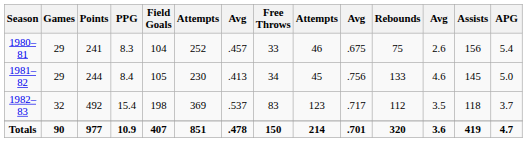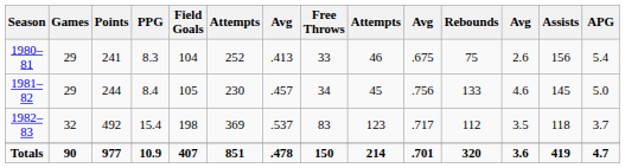 <table class="wikitable sortable" style="text-align:center">
 <tr>
 <th width=40px>Season</th>
 <th width=40px>Games</th>
 <th width=40px>Points</th>
 <th width=40px>PPG</th>
 <th width=40px>Field Goals</th>
 <th width=40px>Attempts</th>
 <th width=40px>Avg</th>
 <th width=40px>Free Throws</th>
 <th width=40px>Attempts</th>
 <th width=40px>Avg</th>
 <th width=40px>Rebounds</th>
 <th width=40px>Avg</th>
 <th width=40px>Assists</th>
 <th width=40px>APG</th>
 </tr>
 <tr>
 <td><a href='#'>1980–81</a></td>
 <td>29</td>
 <td>241</td>
 <td>8.3</td>
 <td>104</td>
 <td>252</td>
-<td>.457</td>
+<td>.413</td>
 <td>33</td>
 <td>46</td>
 <td>.675</td>
 <td>75</td>
 <td>2.6</td>
 <td>156</td>
 <td>5.4</td>
 </tr>
 <tr>
 <td><a href='#'>1981–82</a></td>
 <td>29</td>
 <td>244</td>
 <td>8.4</td>
 <td>105</td>
 <td>230</td>
-<td>.413</td>
+<td>.457</td>
 <td>34</td>
 <td>45</td>
 <td>.756</td>
 <td>133</td>
 <td>4.6</td>
 <td>145</td>
 <td>5.0</td>
 </tr>
 <tr>
 <td><a href='#'>1982–83</a></td>
 <td>32</td>
 <td>492</td>
 <td>15.4</td>
 <td>198</td>
 <td>369</td>
 <td>.537</td>
 <td>83</td>
 <td>123</td>
 <td>.717</td>
 <td>112</td>
 <td>3.5</td>
 <td>118</td>
 <td>3.7</td>
 </tr>
 <tr>
 </tr>
 <tr class="sortbottom">
 <td><strong>Totals</strong></td>
 <td><strong>90</strong></td>
 <td><strong>977</strong></td>
 <td><strong>10.9</strong></td>
 <td><strong>407</strong></td>
 <td><strong>851</strong></td>
 <td><strong>.478</strong></td>
 <td><strong>150</strong></td>
 <td><strong>214</strong></td>
 <td><strong>.701</strong></td>
 <td><strong>320</strong></td>
 <td><strong>3.6</strong></td>
 <td><strong>419</strong></td>
 <td><strong>4.7</strong></td>
 </tr>
 </table>
